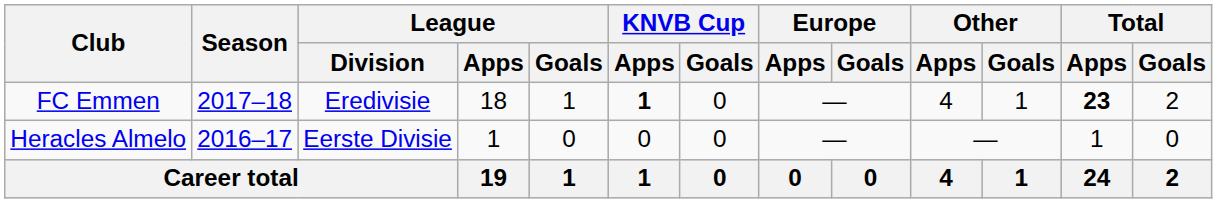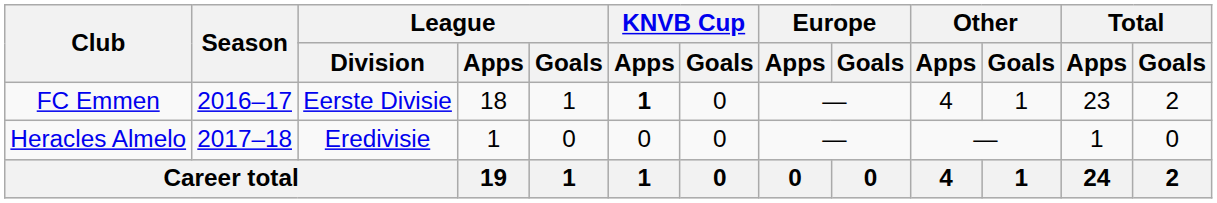 <table class="wikitable" style="text-align: center">
 <tr>
 <th rowspan="2">Club</th>
 <th rowspan="2">Season</th>
 <th colspan="3">League</th>
 <th colspan="2"><a href='#'>KNVB Cup</a></th>
 <th colspan="2">Europe</th>
 <th colspan="2">Other</th>
 <th colspan="2">Total</th>
 </tr>
 <tr>
 <th>Division</th>
 <th>Apps</th>
 <th>Goals</th>
 <th>Apps</th>
 <th>Goals</th>
 <th>Apps</th>
 <th>Goals</th>
 <th>Apps</th>
 <th>Goals</th>
 <th>Apps</th>
 <th>Goals</th>
 </tr>
 <tr>
 <td><a href='#'>FC Emmen</a></td>
-<td><a href='#'>2017–18</a></td>
-<td><a href='#'>Eredivisie</a></td>
+<td><a href='#'>2016–17</a></td>
+<td><a href='#'>Eerste Divisie</a></td>
 <td>18</td>
 <td>1</td>
 <td><strong>1</strong></td>
 <td>0</td>
 <td colspan="2">—</td>
 <td>4</td>
 <td>1</td>
-<td><strong>23</strong></td>
+<td>23</td>
 <td>2</td>
 </tr>
 <tr>
 <td><a href='#'>Heracles Almelo</a></td>
-<td><a href='#'>2016–17</a></td>
-<td><a href='#'>Eerste Divisie</a></td>
+<td><a href='#'>2017–18</a></td>
+<td><a href='#'>Eredivisie</a></td>
 <td>1</td>
 <td>0</td>
 <td>0</td>
 <td>0</td>
 <td colspan="2">—</td>
 <td colspan="2">—</td>
 <td>1</td>
 <td>0</td>
 </tr>
 <tr>
 <th colspan="3">Career total</th>
 <th>19</th>
 <th>1</th>
 <th>1</th>
 <th>0</th>
 <th>0</th>
 <th>0</th>
 <th>4</th>
 <th>1</th>
 <th>24</th>
 <th>2</th>
 </tr>
 </table>
